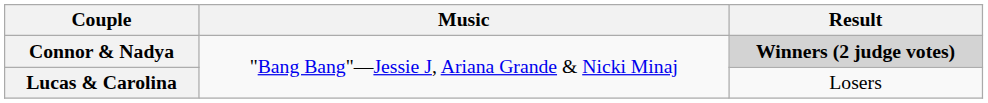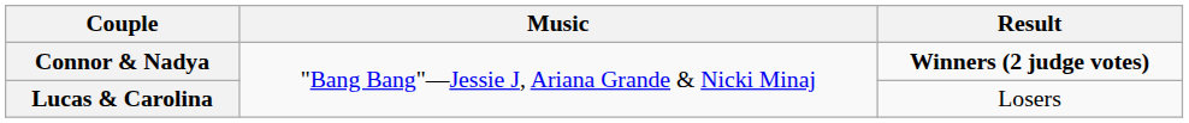 <table class="wikitable sortable" style="text-align:center; width: 90%">
 <tr>
 <th scope="col">Couple</th>
 <th scope="col" class="unsortable">Music</th>
 <th scope="col" class="unsortable">Result</th>
 </tr>
 <tr>
 <th scope="col">Connor & Nadya</th>
 <td rowspan=2>"<a href='#'>Bang Bang</a>"—<a href='#'>Jessie J</a>, <a href='#'>Ariana Grande</a> & <a href='#'>Nicki Minaj</a></td>
-<td style="background: lightgrey;"><strong>Winners (2 judge votes)</strong></td>
+<td><strong>Winners (2 judge votes)</strong></td>
 </tr>
 <tr>
 <th scope="col">Lucas & Carolina</th>
 <td>Losers</td>
 </tr>
 </table>
